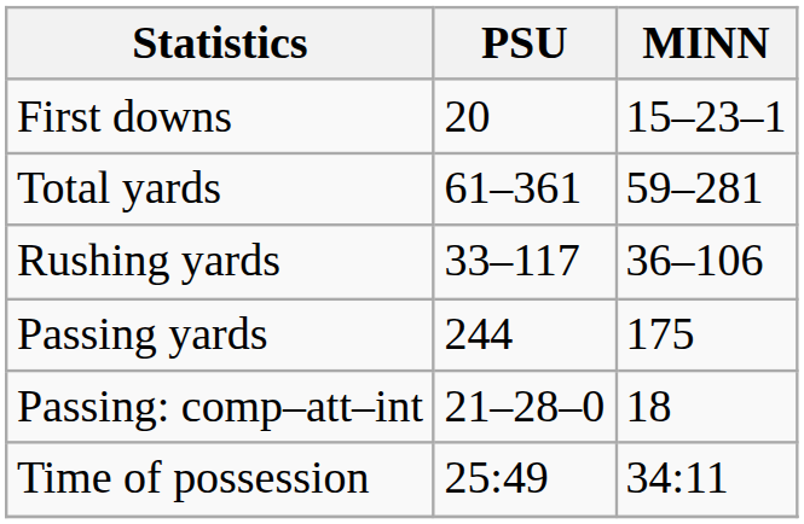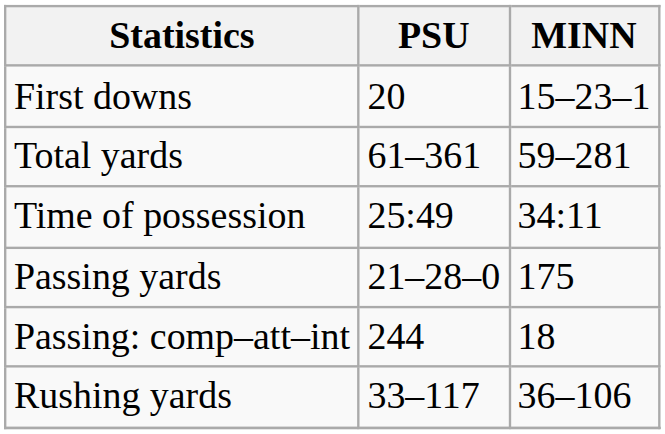 <table class="wikitable" style="float: left;">
 <tr>
 <th>Statistics</th>
 <th>PSU</th>
 <th>MINN</th>
 </tr>
 <tr>
 <td>First downs</td>
 <td>20</td>
 <td>15–23–1</td>
 </tr>
 <tr>
 <td>Total yards</td>
 <td>61–361</td>
 <td>59–281</td>
 </tr>
 <tr>
+<td>Time of possession</td>
+<td>25:49</td>
+<td>34:11</td>
+</tr>
+<tr>
+<td>Passing yards</td>
+<td>21–28–0</td>
+<td>175</td>
+</tr>
+<tr>
+<td>Passing: comp–att–int</td>
+<td>244</td>
+<td>18</td>
+</tr>
+<tr>
 <td>Rushing yards</td>
 <td>33–117</td>
 <td>36–106</td>
 </tr>
 <tr>
-<td>Passing yards</td>
-<td>244</td>
-<td>175</td>
-</tr>
-<tr>
-<td>Passing: comp–att–int</td>
-<td>21–28–0</td>
-<td>18</td>
-</tr>
-<tr>
-<td>Time of possession</td>
-<td>25:49</td>
-<td>34:11</td>
-</tr>
-<tr>
 </tr>
 </table>
